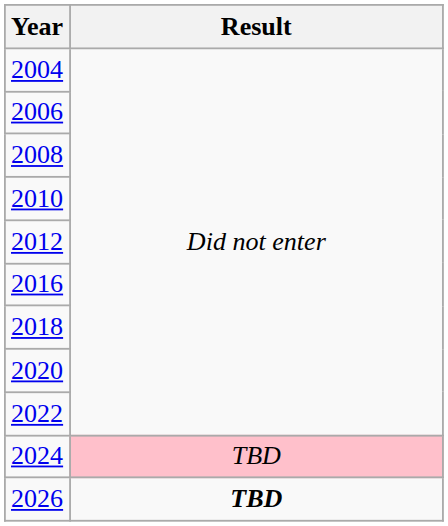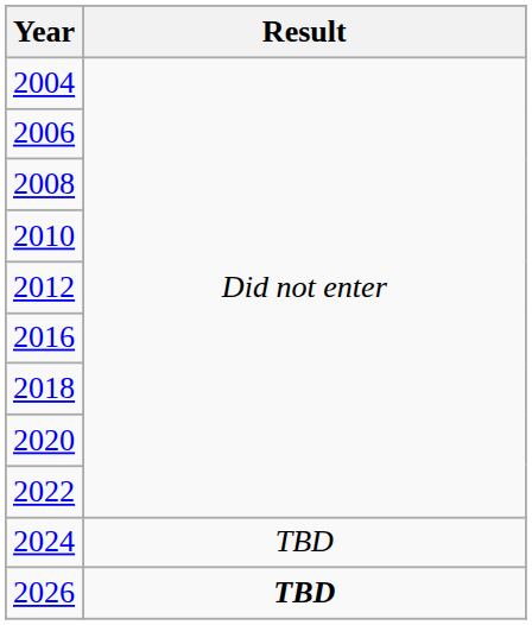 <table class="wikitable" style="text-align: center; font-size:90%">
 <tr>
 <th>Year</th>
 <th style="width:200px">Result</th>
 </tr>
 <tr>
 <td> <a href='#'>2004</a></td>
 <td rowspan="9"><em>Did not enter</em></td>
 </tr>
 <tr>
 <td> <a href='#'>2006</a></td>
 </tr>
 <tr>
 <td> <a href='#'>2008</a></td>
 </tr>
 <tr>
 <td> <a href='#'>2010</a></td>
 </tr>
 <tr>
 <td> <a href='#'>2012</a></td>
 </tr>
 <tr>
 <td> <a href='#'>2016</a></td>
 </tr>
 <tr>
 <td> <a href='#'>2018</a></td>
 </tr>
 <tr>
 <td> <a href='#'>2020</a></td>
 </tr>
 <tr>
 <td> <a href='#'>2022</a></td>
 </tr>
 <tr>
 <td> <a href='#'>2024</a></td>
-<td style="background: pink;"><em>TBD</em></td>
+<td><em>TBD</em></td>
 </tr>
 <tr>
 <td> <a href='#'>2026</a></td>
 <td><strong><em>TBD</em></strong></td>
 </tr>
 </table>
